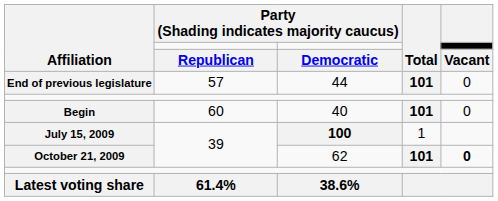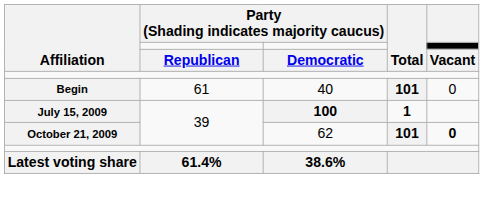 <table class=wikitable style="text-align:center">
 <tr style="vertical-align:bottom;">
 <th rowspan=3>Affiliation</th>
 <th colspan=2>Party <div>(Shading indicates majority caucus)</div></th>
 <th rowspan=3>Total</th>
 <th></th>
 </tr>
 <tr style="height:5px">
 <td style="background-color:"></td>
 <td style="background-color:"></td>
 <td style="background-color:black"></td>
 </tr>
 <tr>
 <th><a href='#'>Republican</a></th>
 <th><a href='#'>Democratic</a></th>
 <th>Vacant</th>
 </tr>
 <tr>
-<th nowrap style="font-size:80%">End of previous legislature</th>
-<td>57</td>
-<td>44</td>
-<th>101</th>
-<td>0</td>
-</tr>
-<tr>
 <td colspan=5></td>
 </tr>
 <tr>
 <th nowrap style="font-size:80%">Begin</th>
-<td>60</td>
+<td>61</td>
 <td>40</td>
 <th>101</th>
 <td>0</td>
 </tr>
 <tr>
 <th nowrap style="font-size:80%">July 15, 2009</th>
 <td rowspan=2>39</td>
 <th>100</th>
-<td>1</td>
+<td><strong>1</strong></td>
 </tr>
 <tr>
 <th nowrap style="font-size:80%">October 21, 2009</th>
 <td>62</td>
 <th>101</th>
 <td><strong>0</strong></td>
 </tr>
 <tr>
 <td colspan=5></td>
 </tr>
 <tr>
 <th>Latest voting share</th>
 <th>61.4% </th>
 <th>38.6%</th>
 <th colspan=2></th>
 </tr>
 </table>
